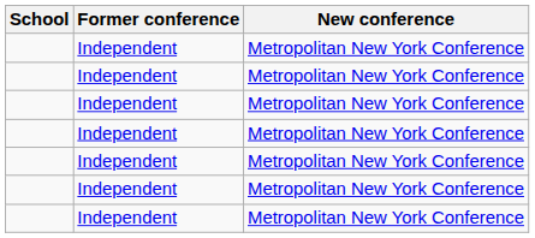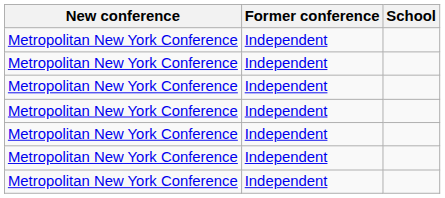 <table class="wikitable sortable">
 <tr>
+<th>New conference</th>
+<th>Former conference</th>
 <th>School</th>
-<th>Former conference</th>
-<th>New conference</th>
 </tr>
 <tr>
+<td><a href='#'>Metropolitan New York Conference</a></td>
+<td><a href='#'>Independent</a></td>
 <td></td>
-<td><a href='#'>Independent</a></td>
-<td><a href='#'>Metropolitan New York Conference</a></td>
 </tr>
 <tr>
+<td><a href='#'>Metropolitan New York Conference</a></td>
+<td><a href='#'>Independent</a></td>
 <td></td>
-<td><a href='#'>Independent</a></td>
-<td><a href='#'>Metropolitan New York Conference</a></td>
 </tr>
 <tr>
+<td><a href='#'>Metropolitan New York Conference</a></td>
+<td><a href='#'>Independent</a></td>
 <td></td>
-<td><a href='#'>Independent</a></td>
-<td><a href='#'>Metropolitan New York Conference</a></td>
 </tr>
 <tr>
+<td><a href='#'>Metropolitan New York Conference</a></td>
+<td><a href='#'>Independent</a></td>
 <td></td>
-<td><a href='#'>Independent</a></td>
-<td><a href='#'>Metropolitan New York Conference</a></td>
 </tr>
 <tr>
+<td><a href='#'>Metropolitan New York Conference</a></td>
+<td><a href='#'>Independent</a></td>
 <td></td>
-<td><a href='#'>Independent</a></td>
-<td><a href='#'>Metropolitan New York Conference</a></td>
 </tr>
 <tr>
+<td><a href='#'>Metropolitan New York Conference</a></td>
+<td><a href='#'>Independent</a></td>
 <td></td>
-<td><a href='#'>Independent</a></td>
-<td><a href='#'>Metropolitan New York Conference</a></td>
 </tr>
 <tr>
+<td><a href='#'>Metropolitan New York Conference</a></td>
+<td><a href='#'>Independent</a></td>
 <td></td>
-<td><a href='#'>Independent</a></td>
-<td><a href='#'>Metropolitan New York Conference</a></td>
 </tr>
 </table>
